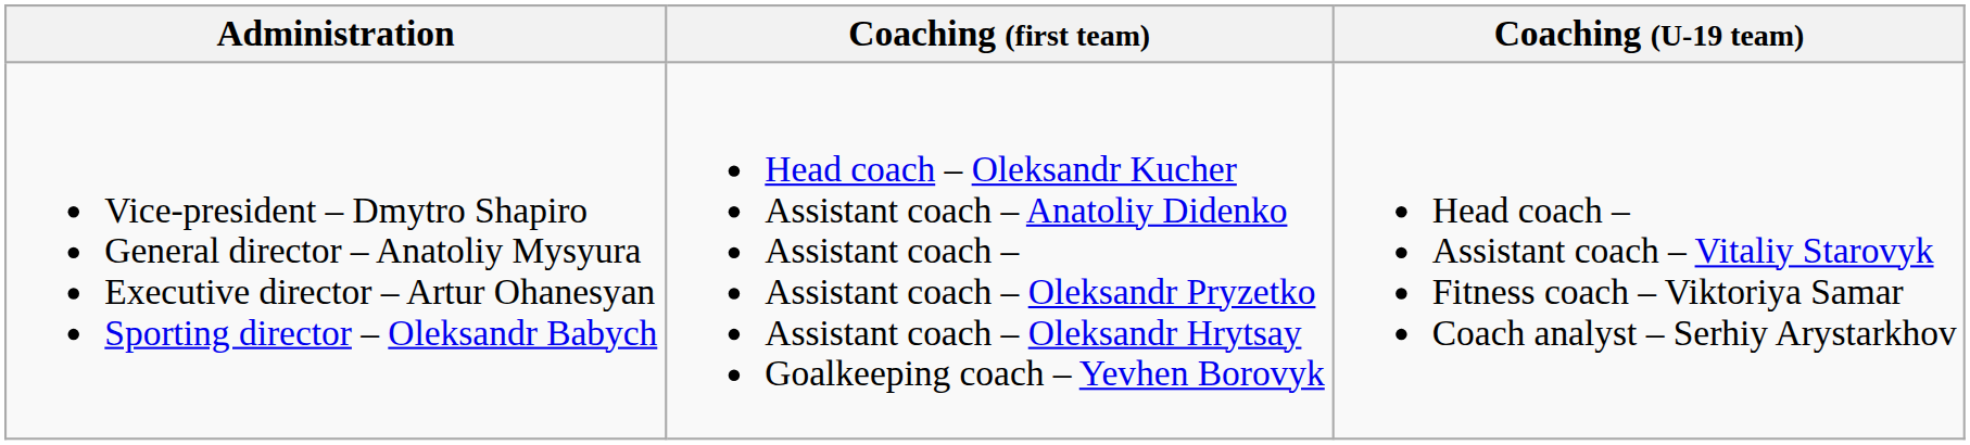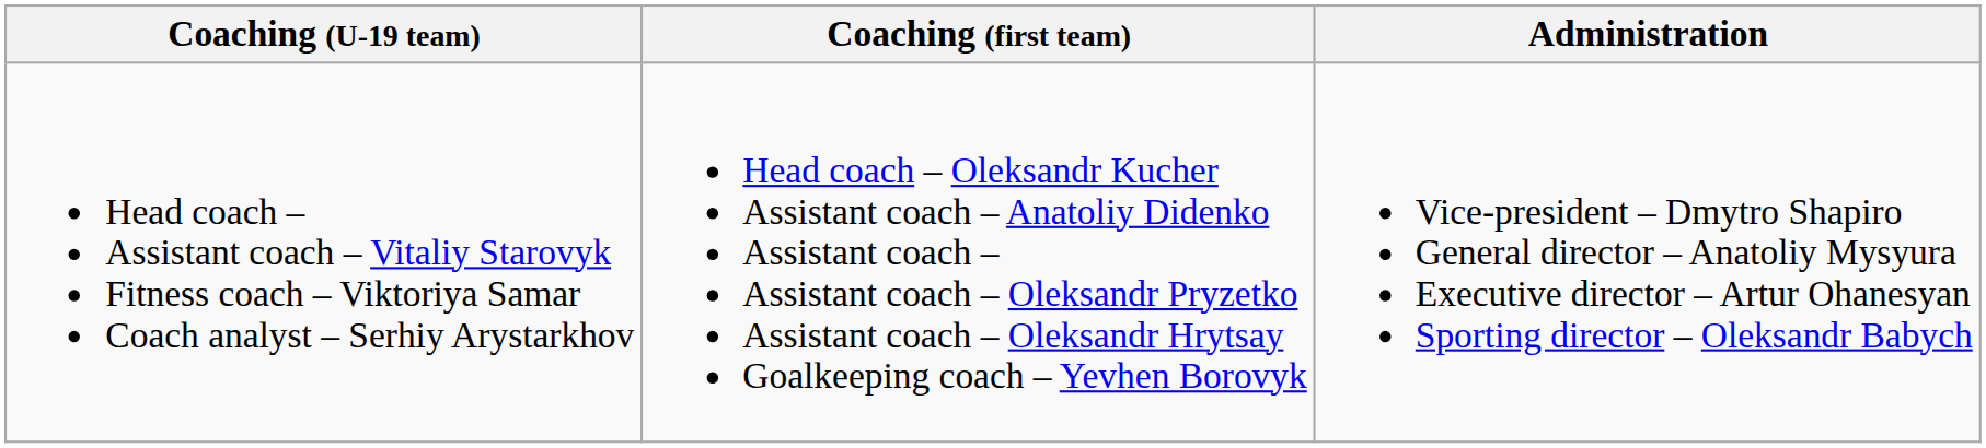 <table class="wikitable">
 <tr>
+<th>Coaching <small>(U-19 team)</small></th>
+<th>Coaching <small>(first team)</small></th>
 <th>Administration</th>
-<th>Coaching <small>(first team)</small></th>
-<th>Coaching <small>(U-19 team)</small></th>
 </tr>
 <tr>
+<td><br><ul><li>Head coach –  </li><li>Assistant coach –  <a href='#'>Vitaliy Starovyk</a></li><li>Fitness coach –  Viktoriya Samar</li><li>Coach analyst –  Serhiy Arystarkhov</li></ul></td>
+<td><br><ul><li><a href='#'>Head coach</a> –  <a href='#'>Oleksandr Kucher</a></li><li>Assistant coach –  <a href='#'>Anatoliy Didenko</a></li><li>Assistant coach –  </li><li>Assistant coach –  <a href='#'>Oleksandr Pryzetko</a></li><li>Assistant coach –  <a href='#'>Oleksandr Hrytsay</a></li><li>Goalkeeping coach –  <a href='#'>Yevhen Borovyk</a></li></ul></td>
 <td><br><ul><li>Vice-president –  Dmytro Shapiro</li><li>General director –  Anatoliy Mysyura</li><li>Executive director –  Artur Ohanesyan</li><li><a href='#'>Sporting director</a> –  <a href='#'>Oleksandr Babych</a></li></ul></td>
-<td><br><ul><li><a href='#'>Head coach</a> –  <a href='#'>Oleksandr Kucher</a></li><li>Assistant coach –  <a href='#'>Anatoliy Didenko</a></li><li>Assistant coach –  </li><li>Assistant coach –  <a href='#'>Oleksandr Pryzetko</a></li><li>Assistant coach –  <a href='#'>Oleksandr Hrytsay</a></li><li>Goalkeeping coach –  <a href='#'>Yevhen Borovyk</a></li></ul></td>
-<td><br><ul><li>Head coach –  </li><li>Assistant coach –  <a href='#'>Vitaliy Starovyk</a></li><li>Fitness coach –  Viktoriya Samar</li><li>Coach analyst –  Serhiy Arystarkhov</li></ul></td>
 </tr>
 </table>
